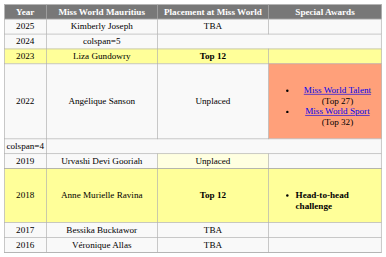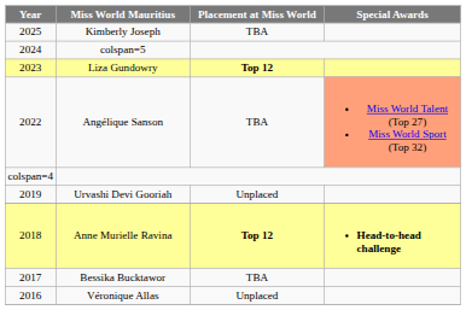 <table class="wikitable" style="font-size: 92%; text-align:center">
 <tr>
 <th width="60" style="background-color:#787878;color:#FFFFFF;">Year</th>
 <th width="250" style="background-color:#787878;color:#FFFFFF;">Miss World Mauritius</th>
 <th width="250" style="background-color:#787878;color:#FFFFFF;">Placement at Miss World</th>
 <th width="230" style="background-color:#787878;color:#FFFFFF;">Special Awards</th>
 </tr>
 <tr>
 <td>2025</td>
 <td>Kimberly Joseph</td>
 <td>TBA</td>
 <td></td>
 </tr>
 <tr>
 <td>2024</td>
 <td>colspan=5 </td>
 </tr>
 <tr style="background-color:#FFFF99; ">
 <td>2023</td>
 <td>Liza Gundowry</td>
 <td><strong>Top 12</strong></td>
 <td></td>
 </tr>
 <tr>
 <td>2022</td>
 <td>Angélique Sanson</td>
-<td>Unplaced</td>
+<td>TBA</td>
 <td style="background: lightsalmon;"><br><ul><li><a href='#'>Miss World Talent</a> (Top 27)</li><li><a href='#'>Miss World Sport</a> (Top 32)</li></ul></td>
 </tr>
 <tr>
 <td>colspan=4 </td>
 </tr>
 <tr>
 <td>2019</td>
 <td>Urvashi Devi Gooriah</td>
-<td style="background: lightyellow;">Unplaced</td>
+<td>Unplaced</td>
 <td></td>
 </tr>
 <tr>
 </tr>
 <tr style="background-color:#FFFF99; ">
 <td>2018</td>
 <td>Anne Murielle Ravina</td>
 <td><strong>Top 12</strong></td>
 <td align="left"><br><ul><li><strong>Head-to-head challenge</strong></li></ul></td>
 </tr>
 <tr>
 <td>2017</td>
 <td>Bessika Bucktawor</td>
 <td>TBA</td>
 <td></td>
 </tr>
 <tr>
 <td>2016</td>
 <td>Véronique Allas</td>
-<td>TBA</td>
+<td>Unplaced</td>
 <td></td>
 </tr>
 <tr>
 </tr>
 </table>
